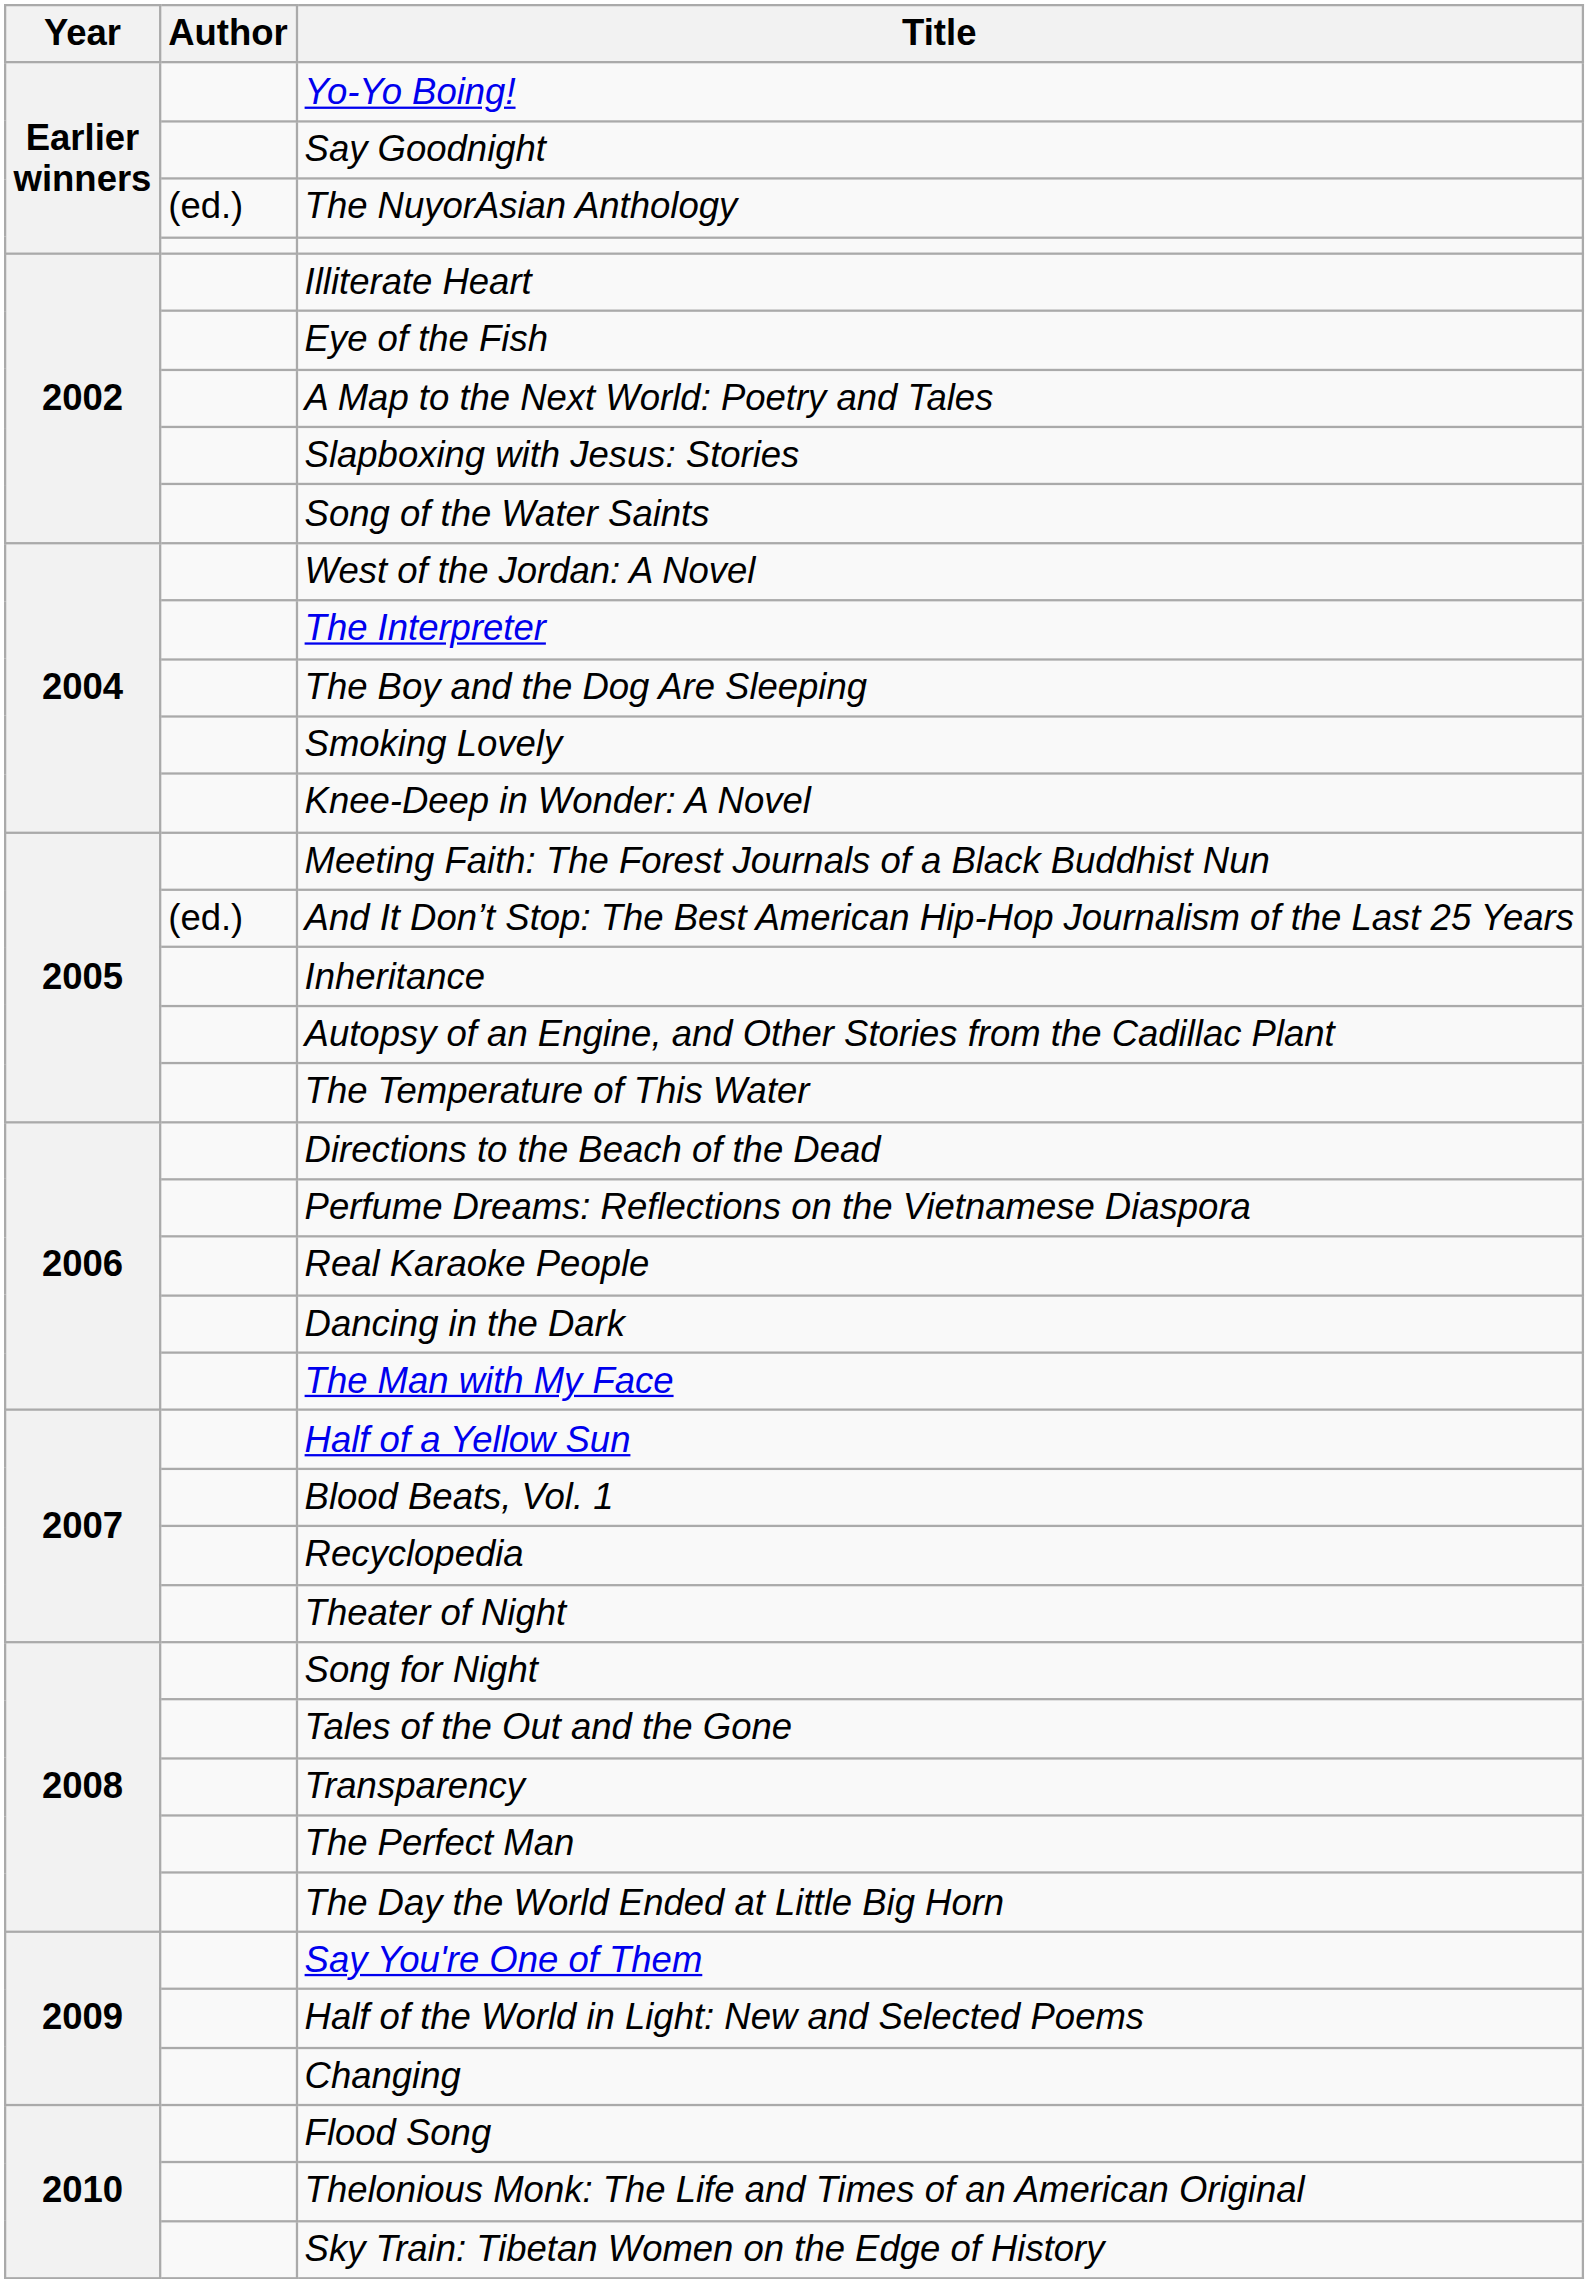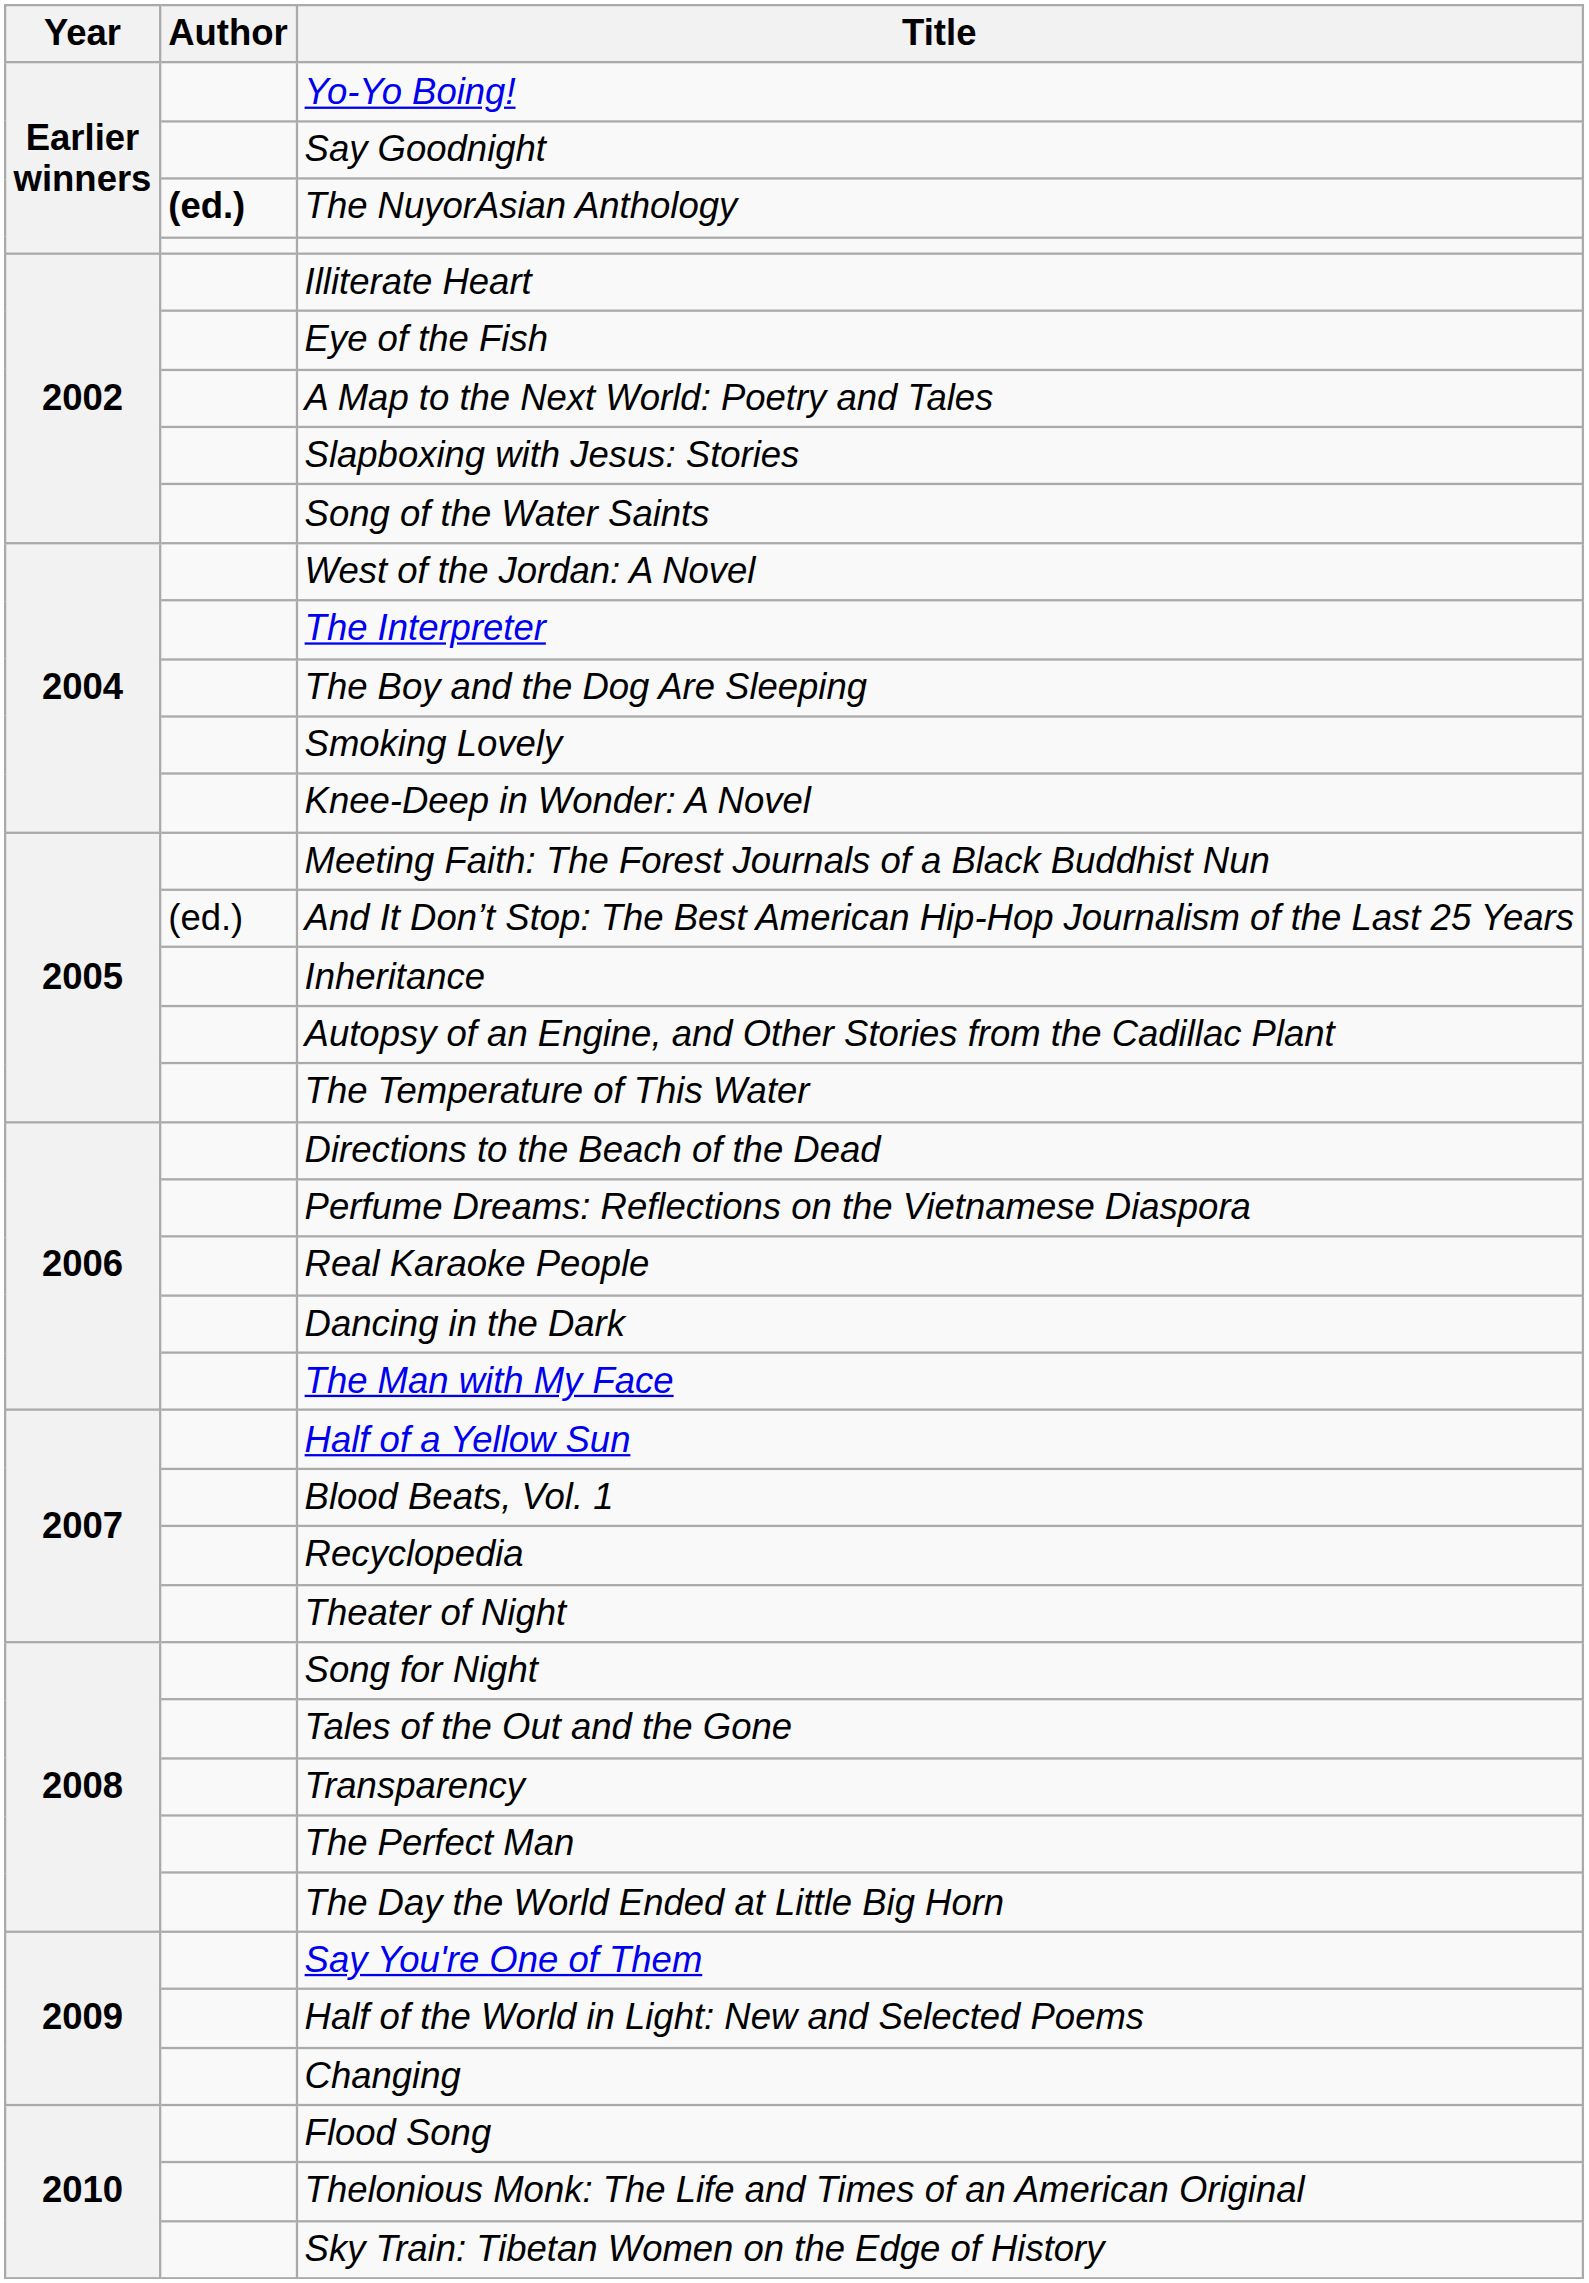 <table class="wikitable sortable">
 <tr>
 <th>Year</th>
 <th>Author</th>
 <th>Title</th>
 </tr>
 <tr>
 <th rowspan="4">Earlier<br>winners</th>
 <td></td>
 <td><em><a href='#'>Yo-Yo Boing!</a></em></td>
 </tr>
 <tr>
 <td></td>
 <td><em>Say Goodnight</em></td>
 </tr>
 <tr>
-<td> (ed.)</td>
+<td><strong> (ed.)</strong></td>
 <td><em>The NuyorAsian Anthology</em></td>
 </tr>
 <tr>
 <td></td>
 <td></td>
 </tr>
 <tr>
 <th rowspan="5">2002</th>
 <td></td>
 <td><em>Illiterate Heart</em></td>
 </tr>
 <tr>
 <td></td>
 <td><em>Eye of the Fish</em></td>
 </tr>
 <tr>
 <td></td>
 <td><em>A Map to the Next World: Poetry and Tales</em></td>
 </tr>
 <tr>
 <td></td>
 <td><em>Slapboxing with Jesus: Stories</em></td>
 </tr>
 <tr>
 <td></td>
 <td><em>Song of the Water Saints</em></td>
 </tr>
 <tr>
 <th rowspan="5">2004</th>
 <td></td>
 <td><em>West of the Jordan: A Novel</em></td>
 </tr>
 <tr>
 <td></td>
 <td><em><a href='#'>The Interpreter</a></em></td>
 </tr>
 <tr>
 <td></td>
 <td><em>The Boy and the Dog Are Sleeping</em></td>
 </tr>
 <tr>
 <td></td>
 <td><em>Smoking Lovely</em></td>
 </tr>
 <tr>
 <td></td>
 <td><em>Knee-Deep in Wonder: A Novel</em></td>
 </tr>
 <tr>
 <th rowspan="5">2005</th>
 <td></td>
 <td><em>Meeting Faith: The Forest Journals of a Black Buddhist Nun</em></td>
 </tr>
 <tr>
 <td> (ed.)</td>
 <td><em>And It Don’t Stop: The Best American Hip-Hop Journalism of the Last 25 Years</em></td>
 </tr>
 <tr>
 <td></td>
 <td><em>Inheritance</em></td>
 </tr>
 <tr>
 <td></td>
 <td><em>Autopsy of an Engine, and Other Stories from the Cadillac Plant</em></td>
 </tr>
 <tr>
 <td></td>
 <td><em>The Temperature of This Water</em></td>
 </tr>
 <tr>
 <th rowspan="5">2006</th>
 <td></td>
 <td><em>Directions to the Beach of the Dead</em></td>
 </tr>
 <tr>
 <td></td>
 <td><em>Perfume Dreams: Reflections on the Vietnamese Diaspora</em></td>
 </tr>
 <tr>
 <td></td>
 <td><em>Real Karaoke People</em></td>
 </tr>
 <tr>
 <td></td>
 <td><em>Dancing in the Dark</em></td>
 </tr>
 <tr>
 <td></td>
 <td><em><a href='#'>The Man with My Face</a></em></td>
 </tr>
 <tr>
 <th rowspan="4">2007</th>
 <td></td>
 <td><em><a href='#'>Half of a Yellow Sun</a></em></td>
 </tr>
 <tr>
 <td></td>
 <td><em>Blood Beats, Vol. 1</em></td>
 </tr>
 <tr>
 <td></td>
 <td><em>Recyclopedia</em></td>
 </tr>
 <tr>
 <td></td>
 <td><em>Theater of Night</em></td>
 </tr>
 <tr>
 <th rowspan="5">2008</th>
 <td></td>
 <td><em>Song for Night</em></td>
 </tr>
 <tr>
 <td></td>
 <td><em>Tales of the Out and the Gone</em></td>
 </tr>
 <tr>
 <td></td>
 <td><em>Transparency</em></td>
 </tr>
 <tr>
 <td></td>
 <td><em>The Perfect Man</em></td>
 </tr>
 <tr>
 <td></td>
 <td><em>The Day the World Ended at Little Big Horn</em></td>
 </tr>
 <tr>
 <th rowspan="3">2009</th>
 <td></td>
 <td><em><a href='#'>Say You're One of Them</a></em></td>
 </tr>
 <tr>
 <td></td>
 <td><em>Half of the World in Light: New and Selected Poems</em></td>
 </tr>
 <tr>
 <td></td>
 <td><em>Changing</em></td>
 </tr>
 <tr>
 <th rowspan="3">2010</th>
 <td></td>
 <td><em>Flood Song</em></td>
 </tr>
 <tr>
 <td></td>
 <td><em>Thelonious Monk: The Life and Times of an American Original</em></td>
 </tr>
 <tr>
 <td></td>
 <td><em>Sky Train: Tibetan Women on the Edge of History</em></td>
 </tr>
 </table>
